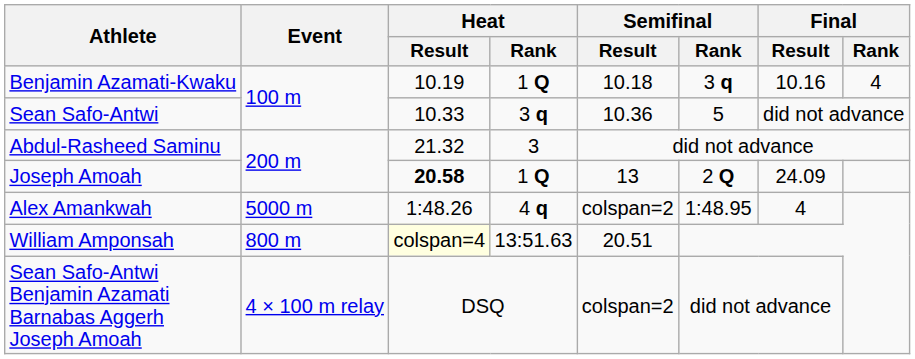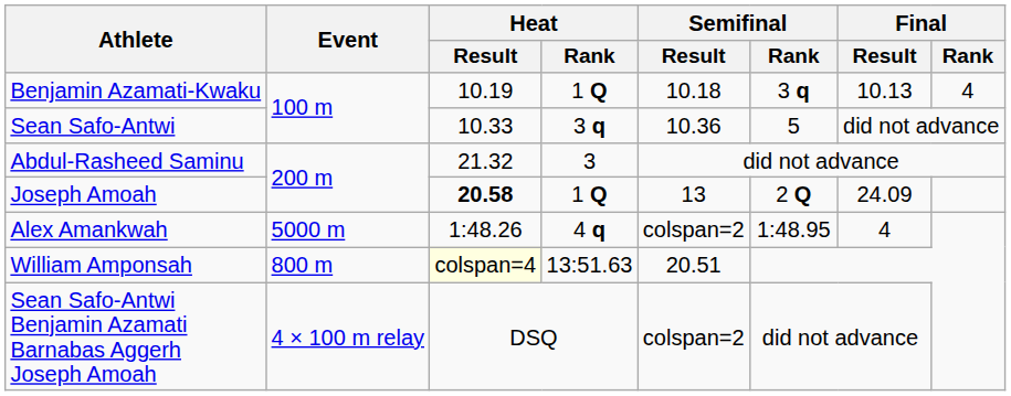 <table class="wikitable" style="font-size:90%">
 <tr>
 <th rowspan=2>Athlete</th>
 <th rowspan=2>Event</th>
 <th colspan=2>Heat</th>
 <th colspan=2>Semifinal</th>
 <th colspan=2>Final</th>
 </tr>
 <tr style="font-size:95%">
 <th>Result</th>
 <th>Rank</th>
 <th>Result</th>
 <th>Rank</th>
 <th>Result</th>
 <th>Rank</th>
 </tr>
 <tr align=center>
 <td align=left><a href='#'>Benjamin Azamati-Kwaku</a></td>
 <td align=left rowspan=2><a href='#'>100 m</a></td>
 <td>10.19</td>
 <td>1 <strong>Q</strong></td>
 <td>10.18</td>
 <td>3 <strong>q</strong></td>
-<td>10.16</td>
+<td>10.13</td>
 <td>4</td>
 </tr>
 <tr align=center>
 <td align=left><a href='#'>Sean Safo-Antwi</a></td>
 <td>10.33</td>
 <td>3 <strong>q</strong></td>
 <td>10.36</td>
 <td>5</td>
 <td colspan=2>did not advance</td>
 </tr>
 <tr align=center>
 <td align=left><a href='#'>Abdul-Rasheed Saminu</a></td>
 <td align=left rowspan=2><a href='#'>200 m</a></td>
 <td>21.32</td>
 <td>3</td>
 <td colspan=4>did not advance</td>
 </tr>
 <tr align=center>
 <td align=left><a href='#'>Joseph Amoah</a></td>
 <td><strong>20.58</strong></td>
 <td>1 <strong>Q</strong></td>
 <td>13</td>
 <td>2 <strong>Q</strong></td>
 <td>24.09</td>
 <td></td>
 </tr>
 <tr align=center>
 <td align=left><a href='#'>Alex Amankwah</a></td>
 <td align=left><a href='#'>5000 m</a></td>
 <td>1:48.26</td>
 <td>4 <strong>q</strong></td>
 <td>colspan=2 </td>
 <td>1:48.95</td>
 <td>4</td>
 </tr>
 <tr align=center>
 <td align=left><a href='#'>William Amponsah</a></td>
 <td align=left><a href='#'>800 m</a></td>
 <td style="background: lightyellow;">colspan=4 </td>
 <td>13:51.63</td>
 <td>20.51</td>
 </tr>
 <tr align=center>
 <td align=left><a href='#'>Sean Safo-Antwi</a><br><a href='#'>Benjamin Azamati</a><br><a href='#'>Barnabas Aggerh</a><br><a href='#'>Joseph Amoah</a></td>
 <td align=left><a href='#'>4 × 100 m relay</a></td>
 <td colspan=2>DSQ</td>
 <td>colspan=2 </td>
 <td colspan=2>did not advance</td>
 </tr>
 </table>
